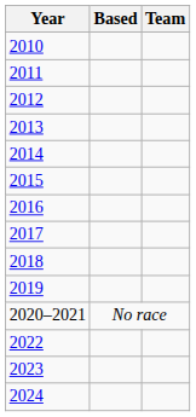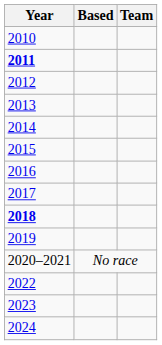 <table class=wikitable sortable>
 <tr>
 <th>Year</th>
 <th>Based</th>
 <th>Team</th>
 </tr>
 <tr>
 <td><a href='#'>2010</a></td>
 <td></td>
 <td></td>
 </tr>
 <tr>
-<td><a href='#'>2011</a></td>
+<td><strong><a href='#'>2011</a></strong></td>
 <td></td>
 <td></td>
 </tr>
 <tr>
 <td><a href='#'>2012</a></td>
 <td></td>
 <td></td>
 </tr>
 <tr>
 <td><a href='#'>2013</a></td>
 <td></td>
 <td></td>
 </tr>
 <tr>
 <td><a href='#'>2014</a></td>
 <td></td>
 <td></td>
 </tr>
 <tr>
 <td><a href='#'>2015</a></td>
 <td></td>
 <td></td>
 </tr>
 <tr>
 <td><a href='#'>2016</a></td>
 <td></td>
 <td></td>
 </tr>
 <tr>
 <td><a href='#'>2017</a></td>
 <td></td>
 <td></td>
 </tr>
 <tr>
-<td><a href='#'>2018</a></td>
+<td><strong><a href='#'>2018</a></strong></td>
 <td></td>
 <td></td>
 </tr>
 <tr>
 <td><a href='#'>2019</a></td>
 <td></td>
 <td></td>
 </tr>
 <tr>
 <td>2020–2021</td>
 <td colspan="2" align="center"><em>No race</em></td>
 </tr>
 <tr>
 <td><a href='#'>2022</a></td>
 <td></td>
 <td></td>
 </tr>
 <tr>
 <td><a href='#'>2023</a></td>
 <td></td>
 <td></td>
 </tr>
 <tr>
 <td><a href='#'>2024</a></td>
 <td></td>
 <td></td>
 </tr>
 </table>
